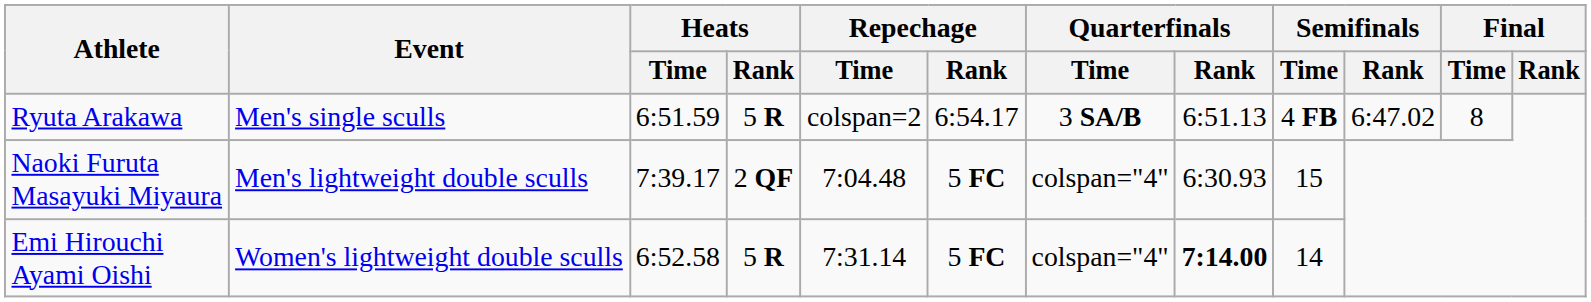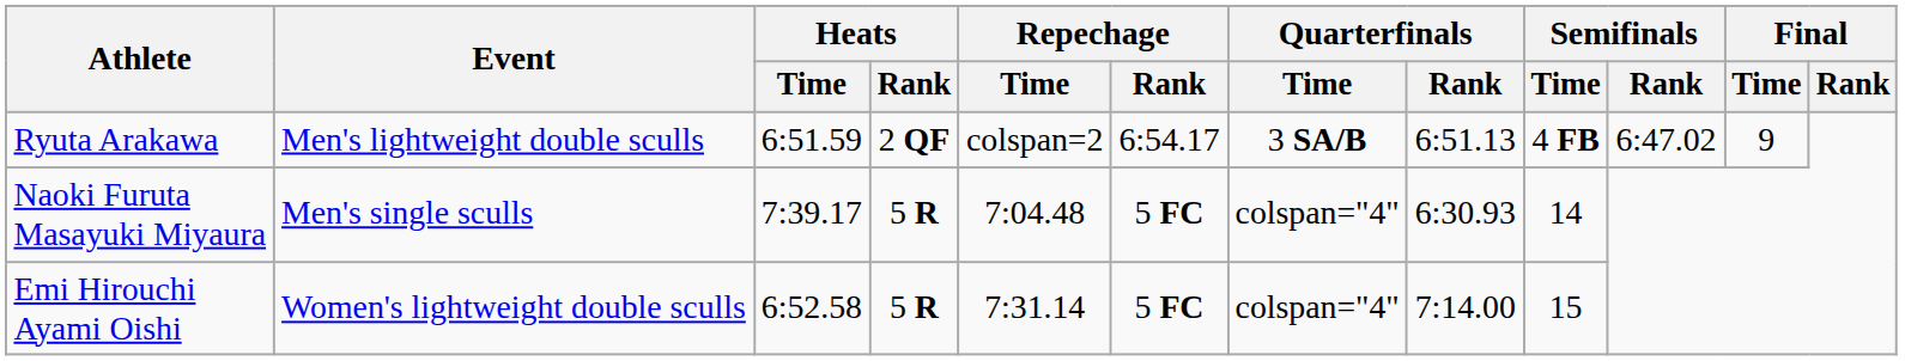 <table class=wikitable style=font-size:90%;text-align:center>
 <tr>
 <th rowspan=2>Athlete</th>
 <th rowspan=2>Event</th>
 <th colspan=2>Heats</th>
 <th colspan=2>Repechage</th>
 <th colspan=2>Quarterfinals</th>
 <th colspan=2>Semifinals</th>
 <th colspan=2>Final</th>
 </tr>
 <tr style=font-size:95%>
 <th>Time</th>
 <th>Rank</th>
 <th>Time</th>
 <th>Rank</th>
 <th>Time</th>
 <th>Rank</th>
 <th>Time</th>
 <th>Rank</th>
 <th>Time</th>
 <th>Rank</th>
 </tr>
 <tr>
 <td align=left><a href='#'>Ryuta Arakawa</a></td>
-<td align=left><a href='#'>Men's single sculls</a></td>
+<td align=left><a href='#'>Men's lightweight double sculls</a></td>
 <td>6:51.59</td>
-<td>5 <strong>R</strong></td>
+<td>2 <strong>QF</strong></td>
 <td>colspan=2 </td>
 <td>6:54.17</td>
 <td>3 <strong>SA/B</strong></td>
 <td>6:51.13</td>
 <td>4 <strong>FB</strong></td>
 <td>6:47.02</td>
-<td>8</td>
+<td>9</td>
 </tr>
 <tr>
 <td align=left><a href='#'>Naoki Furuta</a><br><a href='#'>Masayuki Miyaura</a></td>
-<td align=left><a href='#'>Men's lightweight double sculls</a></td>
+<td align=left><a href='#'>Men's single sculls</a></td>
 <td>7:39.17</td>
-<td>2 <strong>QF</strong></td>
+<td>5 <strong>R</strong></td>
 <td>7:04.48</td>
 <td>5 <strong>FC</strong></td>
 <td>colspan="4" </td>
 <td>6:30.93</td>
-<td>15</td>
+<td>14</td>
 </tr>
 <tr>
 <td align=left><a href='#'>Emi Hirouchi</a><br><a href='#'>Ayami Oishi</a></td>
 <td align=left><a href='#'>Women's lightweight double sculls</a></td>
 <td>6:52.58</td>
 <td>5 <strong>R</strong></td>
 <td>7:31.14</td>
 <td>5 <strong>FC</strong></td>
 <td>colspan="4" </td>
-<td><strong>7:14.00</strong></td>
-<td>14</td>
+<td>7:14.00</td>
+<td>15</td>
 </tr>
 </table>
